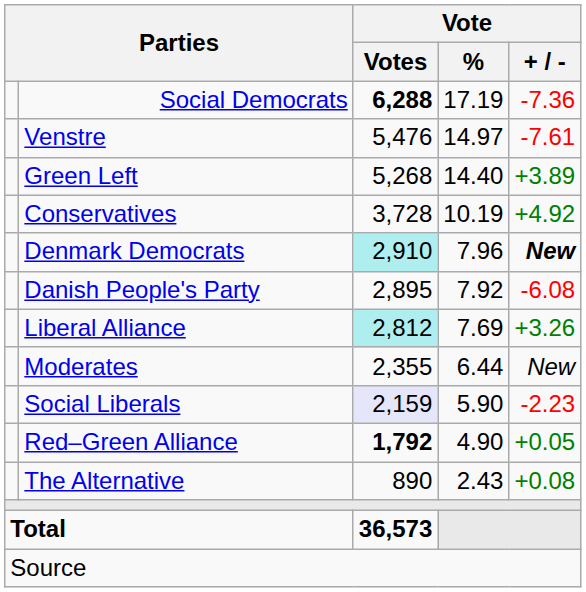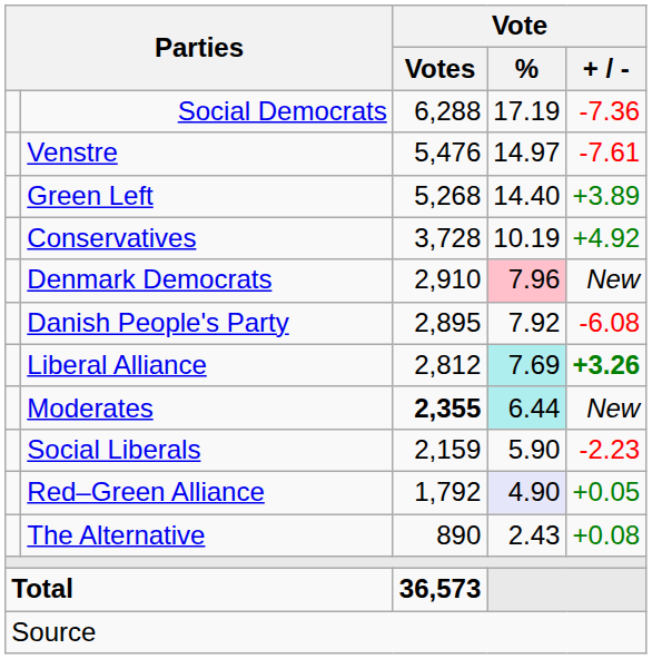 <table class="wikitable" style="text-align:right;">
 <tr>
 <th style="text-align:centre;" rowspan="2" colspan="2" width="225">Parties</th>
 <th colspan="3">Vote</th>
 </tr>
 <tr>
 <th width="15">Votes</th>
 <th width="15">%</th>
 <th width="15">+ / -</th>
 </tr>
 <tr>
 <td width=2 bgcolor=></td>
 <td><a href='#'>Social Democrats</a></td>
-<td><strong>6,288</strong></td>
+<td>6,288</td>
 <td>17.19</td>
 <td style=color:red;>-7.36</td>
 </tr>
 <tr>
 <td width=2 bgcolor=></td>
 <td align=left><a href='#'>Venstre</a></td>
 <td>5,476</td>
 <td>14.97</td>
 <td style=color:red;>-7.61</td>
 </tr>
 <tr>
 <td width=2 bgcolor=></td>
 <td align=left><a href='#'>Green Left</a></td>
 <td>5,268</td>
 <td>14.40</td>
 <td style=color:green;>+3.89</td>
 </tr>
 <tr>
 <td width=2 bgcolor=></td>
 <td align=left><a href='#'>Conservatives</a></td>
 <td>3,728</td>
 <td>10.19</td>
 <td style=color:green;>+4.92</td>
 </tr>
 <tr>
 <td width=2 bgcolor=></td>
 <td align=left><a href='#'>Denmark Democrats</a></td>
-<td style="background: paleturquoise;">2,910</td>
-<td>7.96</td>
-<td><strong><em>New</em></strong></td>
+<td>2,910</td>
+<td style="background: pink;">7.96</td>
+<td><em>New</em></td>
 </tr>
 <tr>
 <td width=2 bgcolor=></td>
 <td align=left><a href='#'>Danish People's Party</a></td>
 <td>2,895</td>
 <td>7.92</td>
 <td style=color:red;>-6.08</td>
 </tr>
 <tr>
 <td width=2 bgcolor=></td>
 <td align=left><a href='#'>Liberal Alliance</a></td>
-<td style="background: paleturquoise;">2,812</td>
-<td>7.69</td>
-<td style=color:green;>+3.26</td>
+<td>2,812</td>
+<td style="background: paleturquoise;">7.69</td>
+<td style=color:green;><strong>+3.26</strong></td>
 </tr>
 <tr>
 <td width=2 bgcolor=></td>
 <td align=left><a href='#'>Moderates</a></td>
-<td>2,355</td>
-<td>6.44</td>
+<td><strong>2,355</strong></td>
+<td style="background: paleturquoise;">6.44</td>
 <td><em>New</em></td>
 </tr>
 <tr>
 <td width=2 bgcolor=></td>
 <td align=left><a href='#'>Social Liberals</a></td>
-<td style="background: lavender;">2,159</td>
+<td>2,159</td>
 <td>5.90</td>
 <td style=color:red;>-2.23</td>
 </tr>
 <tr>
 <td width=2 bgcolor=></td>
 <td align=left><a href='#'>Red–Green Alliance</a></td>
-<td><strong>1,792</strong></td>
-<td>4.90</td>
+<td>1,792</td>
+<td style="background: lavender;">4.90</td>
 <td style=color:green;>+0.05</td>
 </tr>
 <tr>
 <td width=2 bgcolor=></td>
 <td align=left><a href='#'>The Alternative</a></td>
 <td>890</td>
 <td>2.43</td>
 <td style=color:green;>+0.08</td>
 </tr>
 <tr>
 <td colspan="7" bgcolor="#E9E9E9"></td>
 </tr>
 <tr>
 <td align="left" colspan="2"><strong>Total</strong></td>
 <td><strong>36,573</strong></td>
 <td bgcolor=#E9E9E9 colspan=2></td>
 </tr>
 <tr>
 <td align="left" colspan="6">Source</td>
 </tr>
 </table>
